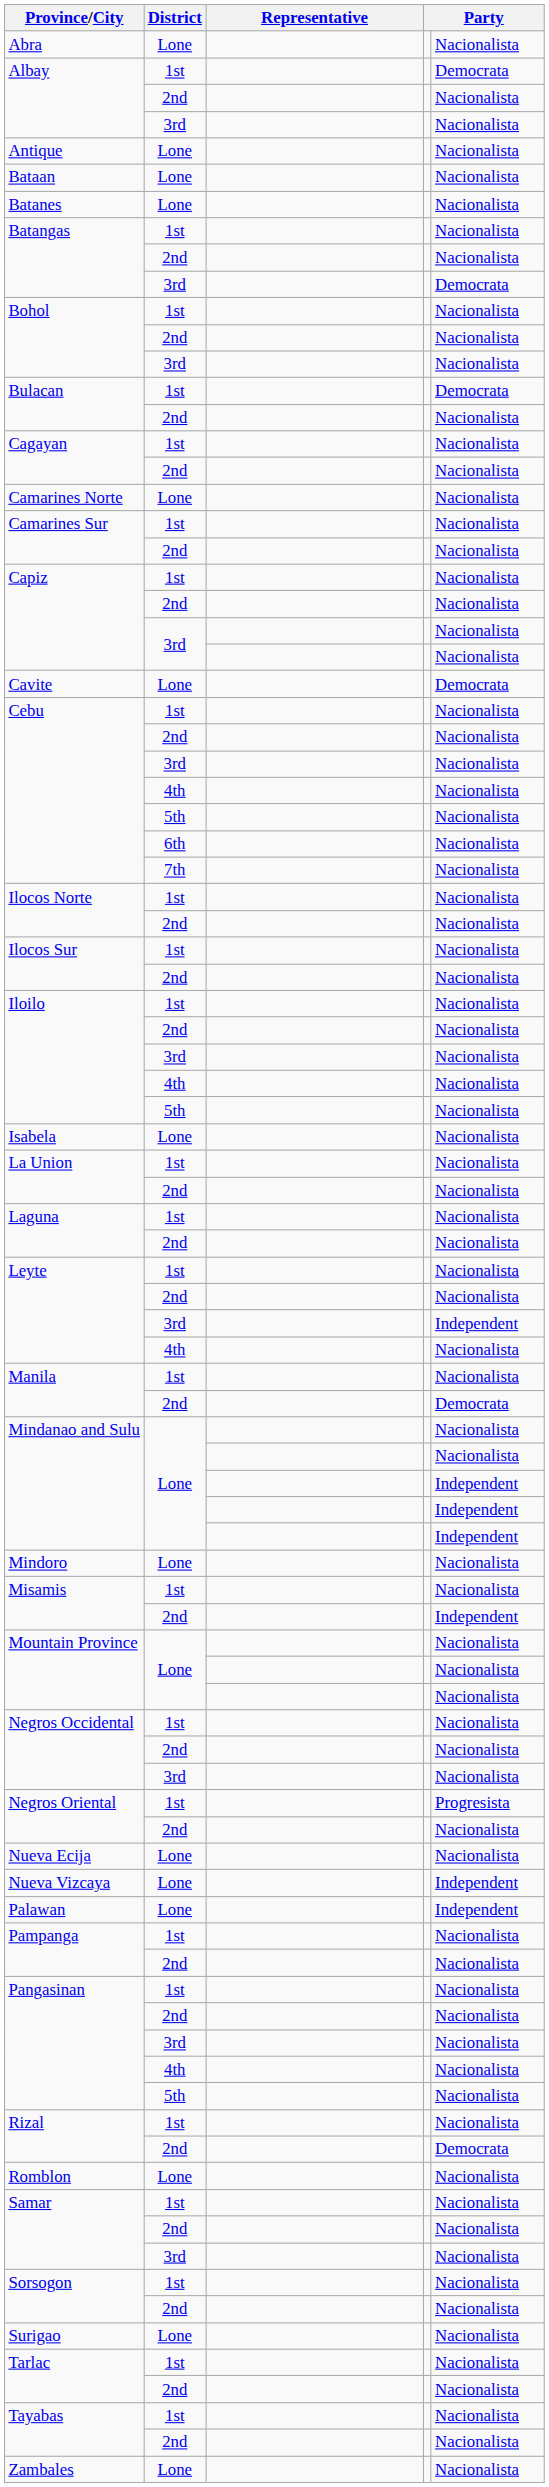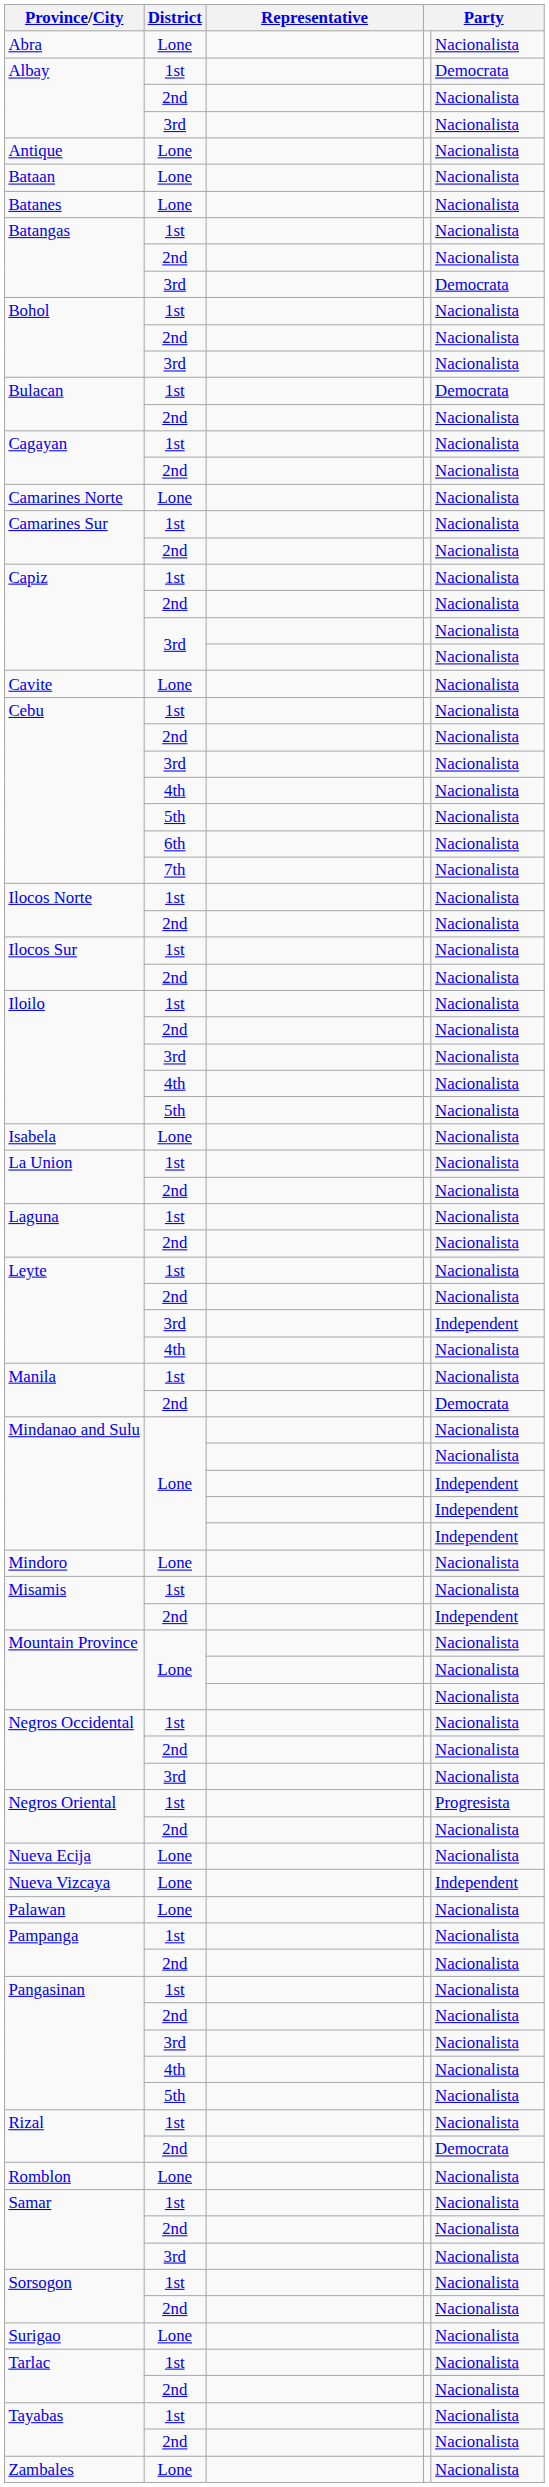 <table class="wikitable sortable">
 <tr>
 <th><a href='#'>Province</a>/<a href='#'>City</a></th>
 <th><a href='#'>District</a></th>
 <th width="200px"><a href='#'>Representative</a></th>
 <th colspan="2"><a href='#'>Party</a></th>
 </tr>
 <tr>
 <td valign="top"><a href='#'>Abra</a></td>
 <td align="center"><a href='#'>Lone</a></td>
 <td></td>
 <td></td>
 <td width="100px"><a href='#'>Nacionalista</a></td>
 </tr>
 <tr>
 <td rowspan="3" valign="top"><a href='#'>Albay</a></td>
 <td align="center"><a href='#'>1st</a></td>
 <td></td>
 <td></td>
 <td><a href='#'>Democrata</a></td>
 </tr>
 <tr>
 <td align="center"><a href='#'>2nd</a></td>
 <td></td>
 <td></td>
 <td><a href='#'>Nacionalista</a></td>
 </tr>
 <tr>
 <td align="center"><a href='#'>3rd</a></td>
 <td></td>
 <td></td>
 <td><a href='#'>Nacionalista</a></td>
 </tr>
 <tr>
 <td><a href='#'>Antique</a></td>
 <td align="center"><a href='#'>Lone</a></td>
 <td></td>
 <td></td>
 <td><a href='#'>Nacionalista</a></td>
 </tr>
 <tr>
 <td valign="top"><a href='#'>Bataan</a></td>
 <td align="center"><a href='#'>Lone</a></td>
 <td></td>
 <td></td>
 <td><a href='#'>Nacionalista</a></td>
 </tr>
 <tr>
 <td valign="top"><a href='#'>Batanes</a></td>
 <td align="center"><a href='#'>Lone</a></td>
 <td></td>
 <td></td>
 <td><a href='#'>Nacionalista</a></td>
 </tr>
 <tr>
 <td rowspan="3" valign="top"><a href='#'>Batangas</a></td>
 <td align="center"><a href='#'>1st</a></td>
 <td></td>
 <td></td>
 <td><a href='#'>Nacionalista</a></td>
 </tr>
 <tr>
 <td align="center"><a href='#'>2nd</a></td>
 <td></td>
 <td></td>
 <td><a href='#'>Nacionalista</a></td>
 </tr>
 <tr>
 <td align="center"><a href='#'>3rd</a></td>
 <td></td>
 <td></td>
 <td><a href='#'>Democrata</a></td>
 </tr>
 <tr>
 <td rowspan="3" valign="top"><a href='#'>Bohol</a></td>
 <td align="center"><a href='#'>1st</a></td>
 <td></td>
 <td></td>
 <td><a href='#'>Nacionalista</a></td>
 </tr>
 <tr>
 <td align="center"><a href='#'>2nd</a></td>
 <td></td>
 <td></td>
 <td><a href='#'>Nacionalista</a></td>
 </tr>
 <tr>
 <td align="center"><a href='#'>3rd</a></td>
 <td></td>
 <td></td>
 <td><a href='#'>Nacionalista</a></td>
 </tr>
 <tr>
 <td rowspan="2" valign="top"><a href='#'>Bulacan</a></td>
 <td align="center"><a href='#'>1st</a></td>
 <td></td>
 <td></td>
 <td><a href='#'>Democrata</a></td>
 </tr>
 <tr>
 <td align="center"><a href='#'>2nd</a></td>
 <td></td>
 <td></td>
 <td><a href='#'>Nacionalista</a></td>
 </tr>
 <tr>
 <td rowspan="2" valign="top"><a href='#'>Cagayan</a></td>
 <td align="center"><a href='#'>1st</a></td>
 <td></td>
 <td></td>
 <td><a href='#'>Nacionalista</a></td>
 </tr>
 <tr>
 <td align="center"><a href='#'>2nd</a></td>
 <td></td>
 <td></td>
 <td><a href='#'>Nacionalista</a></td>
 </tr>
 <tr>
 <td valign="top"><a href='#'>Camarines Norte</a></td>
 <td align="center"><a href='#'>Lone</a></td>
 <td></td>
 <td></td>
 <td><a href='#'>Nacionalista</a></td>
 </tr>
 <tr>
 <td rowspan="2"  valign="top"><a href='#'>Camarines Sur</a></td>
 <td align="center"><a href='#'>1st</a></td>
 <td></td>
 <td></td>
 <td><a href='#'>Nacionalista</a></td>
 </tr>
 <tr>
 <td align="center"><a href='#'>2nd</a></td>
 <td></td>
 <td></td>
 <td><a href='#'>Nacionalista</a></td>
 </tr>
 <tr>
 <td rowspan="4" valign="top"><a href='#'>Capiz</a></td>
 <td align="center"><a href='#'>1st</a></td>
 <td></td>
 <td></td>
 <td><a href='#'>Nacionalista</a></td>
 </tr>
 <tr>
 <td align="center"><a href='#'>2nd</a></td>
 <td></td>
 <td></td>
 <td><a href='#'>Nacionalista</a></td>
 </tr>
 <tr>
 <td rowspan="2" align="center"><a href='#'>3rd</a></td>
 <td></td>
 <td></td>
 <td><a href='#'>Nacionalista</a></td>
 </tr>
 <tr>
 <td></td>
 <td></td>
 <td><a href='#'>Nacionalista</a></td>
 </tr>
 <tr>
 <td valign="top"><a href='#'>Cavite</a></td>
 <td align="center"><a href='#'>Lone</a></td>
 <td></td>
 <td></td>
-<td><a href='#'>Democrata</a></td>
+<td><a href='#'>Nacionalista</a></td>
 </tr>
 <tr>
 <td rowspan="7" valign="top"><a href='#'>Cebu</a></td>
 <td align="center"><a href='#'>1st</a></td>
 <td></td>
 <td></td>
 <td><a href='#'>Nacionalista</a></td>
 </tr>
 <tr>
 <td align="center"><a href='#'>2nd</a></td>
 <td></td>
 <td></td>
 <td><a href='#'>Nacionalista</a></td>
 </tr>
 <tr>
 <td align="center"><a href='#'>3rd</a></td>
 <td></td>
 <td></td>
 <td><a href='#'>Nacionalista</a></td>
 </tr>
 <tr>
 <td align="center"><a href='#'>4th</a></td>
 <td></td>
 <td></td>
 <td><a href='#'>Nacionalista</a></td>
 </tr>
 <tr>
 <td align="center"><a href='#'>5th</a></td>
 <td></td>
 <td></td>
 <td><a href='#'>Nacionalista</a></td>
 </tr>
 <tr>
 <td align="center"><a href='#'>6th</a></td>
 <td></td>
 <td></td>
 <td><a href='#'>Nacionalista</a></td>
 </tr>
 <tr>
 <td align="center"><a href='#'>7th</a></td>
 <td></td>
 <td></td>
 <td><a href='#'>Nacionalista</a></td>
 </tr>
 <tr>
 <td rowspan="2" valign="top"><a href='#'>Ilocos Norte</a></td>
 <td align="center"><a href='#'>1st</a></td>
 <td></td>
 <td></td>
 <td><a href='#'>Nacionalista</a></td>
 </tr>
 <tr>
 <td align="center"><a href='#'>2nd</a></td>
 <td></td>
 <td></td>
 <td><a href='#'>Nacionalista</a></td>
 </tr>
 <tr>
 <td rowspan="2" valign="top"><a href='#'>Ilocos Sur</a></td>
 <td align="center"><a href='#'>1st</a></td>
 <td></td>
 <td></td>
 <td><a href='#'>Nacionalista</a></td>
 </tr>
 <tr>
 <td align="center"><a href='#'>2nd</a></td>
 <td></td>
 <td></td>
 <td><a href='#'>Nacionalista</a></td>
 </tr>
 <tr>
 <td rowspan="5" valign="top"><a href='#'>Iloilo</a></td>
 <td align="center"><a href='#'>1st</a></td>
 <td></td>
 <td></td>
 <td><a href='#'>Nacionalista</a></td>
 </tr>
 <tr>
 <td align="center"><a href='#'>2nd</a></td>
 <td></td>
 <td></td>
 <td><a href='#'>Nacionalista</a></td>
 </tr>
 <tr>
 <td align="center"><a href='#'>3rd</a></td>
 <td></td>
 <td></td>
 <td><a href='#'>Nacionalista</a></td>
 </tr>
 <tr>
 <td align="center"><a href='#'>4th</a></td>
 <td></td>
 <td></td>
 <td><a href='#'>Nacionalista</a></td>
 </tr>
 <tr>
 <td align="center"><a href='#'>5th</a></td>
 <td></td>
 <td></td>
 <td><a href='#'>Nacionalista</a></td>
 </tr>
 <tr>
 <td valign="top"><a href='#'>Isabela</a></td>
 <td align="center"><a href='#'>Lone</a></td>
 <td></td>
 <td></td>
 <td><a href='#'>Nacionalista</a></td>
 </tr>
 <tr>
 <td rowspan="2" valign="top"><a href='#'>La Union</a></td>
 <td align="center"><a href='#'>1st</a></td>
 <td></td>
 <td></td>
 <td><a href='#'>Nacionalista</a></td>
 </tr>
 <tr>
 <td align="center"><a href='#'>2nd</a></td>
 <td></td>
 <td></td>
 <td><a href='#'>Nacionalista</a></td>
 </tr>
 <tr>
 <td rowspan="2" valign="top"><a href='#'>Laguna</a></td>
 <td align="center"><a href='#'>1st</a></td>
 <td></td>
 <td></td>
 <td><a href='#'>Nacionalista</a></td>
 </tr>
 <tr>
 <td align="center"><a href='#'>2nd</a></td>
 <td></td>
 <td></td>
 <td><a href='#'>Nacionalista</a></td>
 </tr>
 <tr>
 <td rowspan="4" valign="top"><a href='#'>Leyte</a></td>
 <td align="center"><a href='#'>1st</a></td>
 <td></td>
 <td></td>
 <td><a href='#'>Nacionalista</a></td>
 </tr>
 <tr>
 <td align="center"><a href='#'>2nd</a></td>
 <td></td>
 <td></td>
 <td><a href='#'>Nacionalista</a></td>
 </tr>
 <tr>
 <td align="center"><a href='#'>3rd</a></td>
 <td></td>
 <td></td>
 <td><a href='#'>Independent</a></td>
 </tr>
 <tr>
 <td align="center"><a href='#'>4th</a></td>
 <td></td>
 <td></td>
 <td><a href='#'>Nacionalista</a></td>
 </tr>
 <tr>
 <td rowspan="2" valign="top"><a href='#'>Manila</a></td>
 <td align="center"><a href='#'>1st</a></td>
 <td></td>
 <td></td>
 <td><a href='#'>Nacionalista</a></td>
 </tr>
 <tr>
 <td align="center"><a href='#'>2nd</a></td>
 <td></td>
 <td></td>
 <td><a href='#'>Democrata</a></td>
 </tr>
 <tr>
 <td rowspan="5" valign="top"><a href='#'>Mindanao and Sulu</a></td>
 <td rowspan="5" align="center"><a href='#'>Lone</a></td>
 <td></td>
 <td></td>
 <td><a href='#'>Nacionalista</a></td>
 </tr>
 <tr>
 <td></td>
 <td></td>
 <td><a href='#'>Nacionalista</a></td>
 </tr>
 <tr>
 <td></td>
 <td></td>
 <td><a href='#'>Independent</a></td>
 </tr>
 <tr>
 <td></td>
 <td></td>
 <td><a href='#'>Independent</a></td>
 </tr>
 <tr>
 <td></td>
 <td></td>
 <td><a href='#'>Independent</a></td>
 </tr>
 <tr>
 <td valign="top"><a href='#'>Mindoro</a></td>
 <td align="center"><a href='#'>Lone</a></td>
 <td></td>
 <td></td>
 <td><a href='#'>Nacionalista</a></td>
 </tr>
 <tr>
 <td rowspan="2" valign="top"><a href='#'>Misamis</a></td>
 <td align="center"><a href='#'>1st</a></td>
 <td></td>
 <td></td>
 <td><a href='#'>Nacionalista</a></td>
 </tr>
 <tr>
 <td align="center"><a href='#'>2nd</a></td>
 <td></td>
 <td></td>
 <td><a href='#'>Independent</a></td>
 </tr>
 <tr>
 <td rowspan="3"  valign="top"><a href='#'>Mountain Province</a></td>
 <td rowspan="3"  align="center"><a href='#'>Lone</a></td>
 <td></td>
 <td></td>
 <td><a href='#'>Nacionalista</a></td>
 </tr>
 <tr>
 <td></td>
 <td></td>
 <td><a href='#'>Nacionalista</a></td>
 </tr>
 <tr>
 <td></td>
 <td></td>
 <td><a href='#'>Nacionalista</a></td>
 </tr>
 <tr>
 <td rowspan="3" valign="top"><a href='#'>Negros Occidental</a></td>
 <td align="center"><a href='#'>1st</a></td>
 <td></td>
 <td></td>
 <td><a href='#'>Nacionalista</a></td>
 </tr>
 <tr>
 <td align="center"><a href='#'>2nd</a></td>
 <td></td>
 <td></td>
 <td><a href='#'>Nacionalista</a></td>
 </tr>
 <tr>
 <td align="center"><a href='#'>3rd</a></td>
 <td></td>
 <td></td>
 <td><a href='#'>Nacionalista</a></td>
 </tr>
 <tr>
 <td rowspan="2" valign="top"><a href='#'>Negros Oriental</a></td>
 <td align="center"><a href='#'>1st</a></td>
 <td></td>
 <td></td>
 <td><a href='#'>Progresista</a></td>
 </tr>
 <tr>
 <td align="center"><a href='#'>2nd</a></td>
 <td></td>
 <td></td>
 <td><a href='#'>Nacionalista</a></td>
 </tr>
 <tr>
 <td valign="top"><a href='#'>Nueva Ecija</a></td>
 <td align="center"><a href='#'>Lone</a></td>
 <td></td>
 <td></td>
 <td><a href='#'>Nacionalista</a></td>
 </tr>
 <tr>
 <td valign="top"><a href='#'>Nueva Vizcaya</a></td>
 <td align="center"><a href='#'>Lone</a></td>
 <td></td>
 <td></td>
 <td><a href='#'>Independent</a></td>
 </tr>
 <tr>
 <td valign="top"><a href='#'>Palawan</a></td>
 <td align="center"><a href='#'>Lone</a></td>
 <td></td>
 <td></td>
-<td><a href='#'>Independent</a></td>
+<td><a href='#'>Nacionalista</a></td>
 </tr>
 <tr>
 <td rowspan="2" valign="top"><a href='#'>Pampanga</a></td>
 <td align="center"><a href='#'>1st</a></td>
 <td></td>
 <td></td>
 <td><a href='#'>Nacionalista</a></td>
 </tr>
 <tr>
 <td align="center"><a href='#'>2nd</a></td>
 <td></td>
 <td></td>
 <td><a href='#'>Nacionalista</a></td>
 </tr>
 <tr>
 <td rowspan="5" valign="top"><a href='#'>Pangasinan</a></td>
 <td align="center"><a href='#'>1st</a></td>
 <td></td>
 <td></td>
 <td><a href='#'>Nacionalista</a></td>
 </tr>
 <tr>
 <td align="center"><a href='#'>2nd</a></td>
 <td></td>
 <td></td>
 <td><a href='#'>Nacionalista</a></td>
 </tr>
 <tr>
 <td align="center"><a href='#'>3rd</a></td>
 <td></td>
 <td></td>
 <td><a href='#'>Nacionalista</a></td>
 </tr>
 <tr>
 <td align="center"><a href='#'>4th</a></td>
 <td></td>
 <td></td>
 <td><a href='#'>Nacionalista</a></td>
 </tr>
 <tr>
 <td align="center"><a href='#'>5th</a></td>
 <td></td>
 <td></td>
 <td><a href='#'>Nacionalista</a></td>
 </tr>
 <tr>
 <td rowspan="2" valign="top"><a href='#'>Rizal</a></td>
 <td align="center"><a href='#'>1st</a></td>
 <td></td>
 <td></td>
 <td><a href='#'>Nacionalista</a></td>
 </tr>
 <tr>
 <td align="center"><a href='#'>2nd</a></td>
 <td></td>
 <td></td>
 <td><a href='#'>Democrata</a></td>
 </tr>
 <tr>
 <td valign="top"><a href='#'>Romblon</a></td>
 <td align="center"><a href='#'>Lone</a></td>
 <td></td>
 <td></td>
 <td><a href='#'>Nacionalista</a></td>
 </tr>
 <tr>
 <td rowspan="3" valign="top"><a href='#'>Samar</a></td>
 <td align="center"><a href='#'>1st</a></td>
 <td></td>
 <td></td>
 <td><a href='#'>Nacionalista</a></td>
 </tr>
 <tr>
 <td align="center"><a href='#'>2nd</a></td>
 <td></td>
 <td></td>
 <td><a href='#'>Nacionalista</a></td>
 </tr>
 <tr>
 <td align="center"><a href='#'>3rd</a></td>
 <td></td>
 <td></td>
 <td><a href='#'>Nacionalista</a></td>
 </tr>
 <tr>
 <td rowspan="2" valign="top"><a href='#'>Sorsogon</a></td>
 <td align="center"><a href='#'>1st</a></td>
 <td></td>
 <td></td>
 <td><a href='#'>Nacionalista</a></td>
 </tr>
 <tr>
 <td align="center"><a href='#'>2nd</a></td>
 <td></td>
 <td></td>
 <td><a href='#'>Nacionalista</a></td>
 </tr>
 <tr>
 <td valign="top"><a href='#'>Surigao</a></td>
 <td align="center"><a href='#'>Lone</a></td>
 <td></td>
 <td></td>
 <td><a href='#'>Nacionalista</a></td>
 </tr>
 <tr>
 <td rowspan="2" valign="top"><a href='#'>Tarlac</a></td>
 <td align="center"><a href='#'>1st</a></td>
 <td></td>
 <td></td>
 <td><a href='#'>Nacionalista</a></td>
 </tr>
 <tr>
 <td align="center"><a href='#'>2nd</a></td>
 <td></td>
 <td></td>
 <td><a href='#'>Nacionalista</a></td>
 </tr>
 <tr>
 <td rowspan="2" valign="top"><a href='#'>Tayabas</a></td>
 <td align="center"><a href='#'>1st</a></td>
 <td></td>
 <td></td>
 <td><a href='#'>Nacionalista</a></td>
 </tr>
 <tr>
 <td align="center"><a href='#'>2nd</a></td>
 <td></td>
 <td></td>
 <td><a href='#'>Nacionalista</a></td>
 </tr>
 <tr>
 <td valign="top"><a href='#'>Zambales</a></td>
 <td align="center"><a href='#'>Lone</a></td>
 <td></td>
 <td></td>
 <td><a href='#'>Nacionalista</a></td>
 </tr>
 </table>
